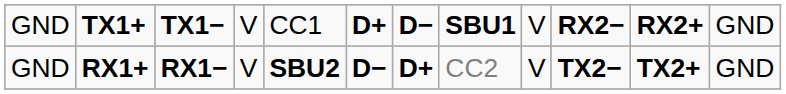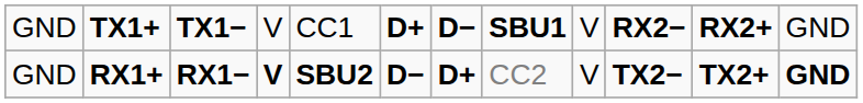 <table class="wikitable">
 <tr>
 <td>GND</td>
 <td><strong>TX1+</strong></td>
 <td><strong>TX1−</strong></td>
 <td>V</td>
 <td>CC1</td>
 <td><strong>D+</strong></td>
 <td><strong>D−</strong></td>
 <td><strong>SBU1</strong></td>
 <td>V</td>
 <td><strong>RX2−</strong></td>
 <td><strong>RX2+</strong></td>
 <td>GND</td>
 </tr>
 <tr -->
 <td>GND</td>
 <td><strong>RX1+</strong></td>
 <td><strong>RX1−</strong></td>
-<td>V</td>
+<td><strong>V</strong></td>
 <td><strong>SBU2</strong></td>
 <td><strong>D−</strong></td>
 <td><strong>D+</strong></td>
 <td style="color:gray">CC2</td>
 <td>V</td>
 <td><strong>TX2−</strong></td>
 <td><strong>TX2+</strong></td>
-<td>GND</td>
+<td><strong>GND</strong></td>
 </tr>
 </table>
